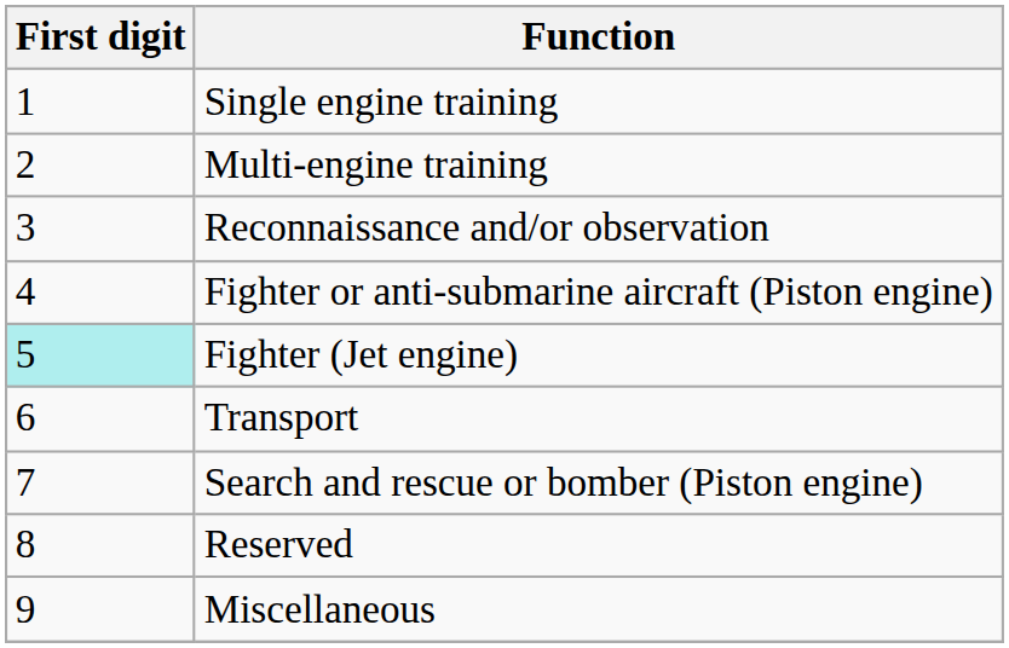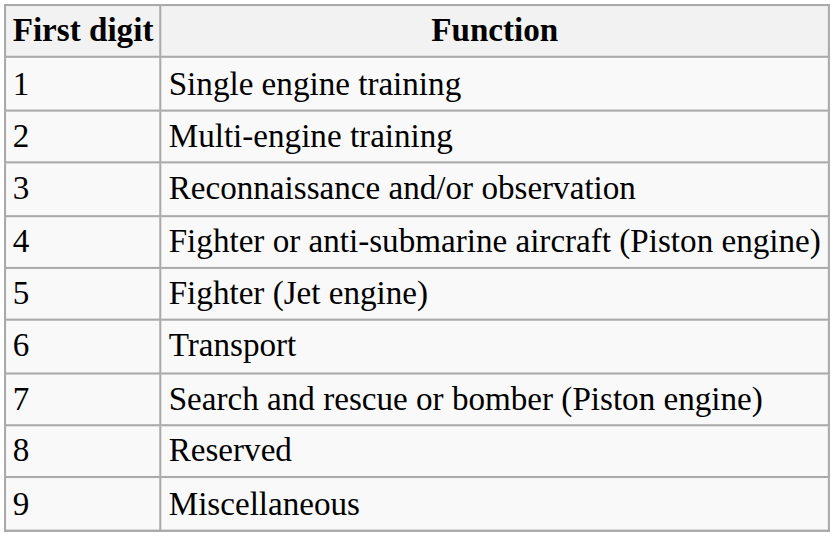 <table class="wikitable">
 <tr>
 <th style="text-align: center;">First digit</th>
 <th style="text-align: center;">Function</th>
 </tr>
 <tr>
 <td>1</td>
 <td>Single engine training</td>
 </tr>
 <tr>
 <td>2</td>
 <td>Multi-engine training</td>
 </tr>
 <tr>
 <td>3</td>
 <td>Reconnaissance and/or observation</td>
 </tr>
 <tr>
 <td>4</td>
 <td>Fighter or anti-submarine aircraft (Piston engine)</td>
 </tr>
 <tr>
-<td style="background: paleturquoise;">5</td>
+<td>5</td>
 <td>Fighter (Jet engine)</td>
 </tr>
 <tr>
 <td>6</td>
 <td>Transport</td>
 </tr>
 <tr>
 <td>7</td>
 <td>Search and rescue or bomber (Piston engine)</td>
 </tr>
 <tr>
 <td>8</td>
 <td>Reserved</td>
 </tr>
 <tr>
 <td>9</td>
 <td>Miscellaneous</td>
 </tr>
 <tr>
 </tr>
 </table>
